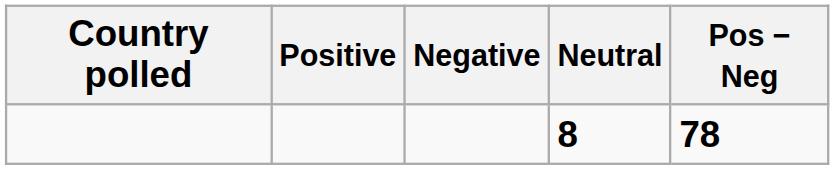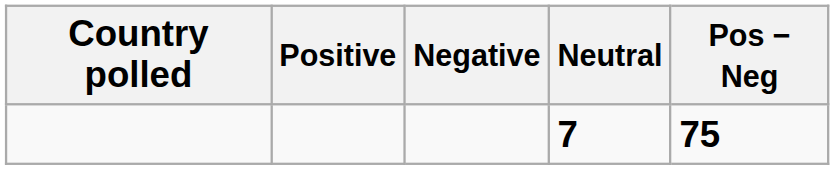 <table class="wikitable sortable floatright" style="width:360px; border:1px black; float:right; margin-left:1em;">
 <tr>
 <th>Country polled</th>
 <th><small> Positive</small></th>
 <th><small>Negative</small></th>
 <th><small>Neutral</small></th>
 <th><small>Pos − Neg</small></th>
 </tr>
 <tr>
 <td><strong></strong></td>
 <td></td>
 <td></td>
-<td><strong>8</strong></td>
-<td><span><strong>78</strong></span></td>
+<td><strong>7</strong></td>
+<td><span><strong>75</strong></span></td>
 </tr>
 <tr>
 </tr>
 </table>
